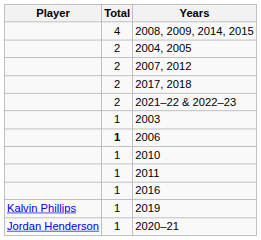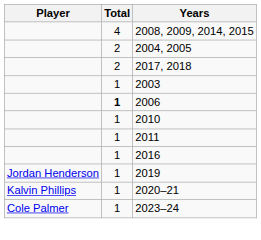 <table class="wikitable">
 <tr>
 <th>Player</th>
 <th>Total</th>
 <th class="unsortable">Years</th>
 </tr>
 <tr>
 <td></td>
 <td align=center>4</td>
 <td>2008, 2009, 2014, 2015</td>
 </tr>
 <tr>
 <td></td>
 <td align=center>2</td>
 <td>2004, 2005</td>
 </tr>
 <tr>
 <td></td>
 <td align=center>2</td>
-<td>2007, 2012</td>
-</tr>
-<tr>
-<td></td>
-<td align=center>2</td>
 <td>2017, 2018</td>
-</tr>
-<tr>
-<td></td>
-<td align=center>2</td>
-<td>2021–22 & 2022–23</td>
 </tr>
 <tr>
 <td></td>
 <td align=center>1</td>
 <td>2003</td>
 </tr>
 <tr>
 <td></td>
 <td align=center><strong>1</strong></td>
 <td>2006</td>
 </tr>
 <tr>
 <td></td>
 <td align=center>1</td>
 <td>2010</td>
 </tr>
 <tr>
 <td></td>
 <td align=center>1</td>
 <td>2011</td>
 </tr>
 <tr>
 <td></td>
 <td align=center>1</td>
 <td>2016</td>
 </tr>
 <tr>
-<td><a href='#'>Kalvin Phillips</a></td>
+<td><a href='#'>Jordan Henderson</a></td>
 <td align=center>1</td>
 <td>2019</td>
 </tr>
 <tr>
-<td><a href='#'>Jordan Henderson</a></td>
+<td><a href='#'>Kalvin Phillips</a></td>
 <td align=center>1</td>
 <td>2020–21</td>
 </tr>
+<tr>
+<td><a href='#'>Cole Palmer</a></td>
+<td align=center>1</td>
+<td>2023–24</td>
+</tr>
 </table>
